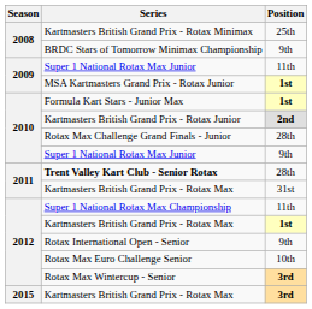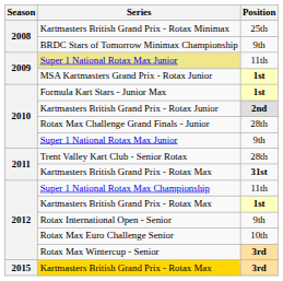 <table class="wikitable" style="font-size: 85%; text-align:center">
 <tr>
 <th>Season</th>
 <th>Series</th>
 <th>Position</th>
 </tr>
 <tr>
 <th rowspan=2>2008</th>
 <td align="left">Kartmasters British Grand Prix - Rotax Minimax</td>
 <td>25th</td>
 </tr>
 <tr>
 <td align="left">BRDC Stars of Tomorrow Minimax Championship</td>
 <td>9th</td>
 </tr>
 <tr>
 <th rowspan="2">2009</th>
-<td align="left"><a href='#'>Super 1 National Rotax Max Junior</a></td>
+<td align="left" style="background: khaki;"><a href='#'>Super 1 National Rotax Max Junior</a></td>
 <td>11th</td>
 </tr>
 <tr>
 <td align="left">MSA Kartmasters Grand Prix - Rotax Junior</td>
 <td style="background:#FFFFBF;"><strong>1st</strong></td>
 </tr>
 <tr>
 <th rowspan=4>2010</th>
 <td align="left">Formula Kart Stars - Junior Max</td>
 <td style="background:#FFFFBF;"><strong>1st</strong></td>
 </tr>
 <tr>
 <td align="left">Kartmasters British Grand Prix - Rotax Junior</td>
 <td style="background:#DFDFDF;"><strong>2nd</strong></td>
 </tr>
 <tr>
 <td align="left">Rotax Max Challenge Grand Finals - Junior</td>
 <td>28th</td>
 </tr>
 <tr>
 <td align="left"><a href='#'>Super 1 National Rotax Max Junior</a></td>
 <td>9th</td>
 </tr>
 <tr>
 <th rowspan=2>2011</th>
-<td align="left"><strong>Trent Valley Kart Club - Senior Rotax</strong></td>
+<td align="left">Trent Valley Kart Club - Senior Rotax</td>
 <td>28th</td>
 </tr>
 <tr>
 <td align="left">Kartmasters British Grand Prix - Rotax Max</td>
-<td>31st</td>
+<td><strong>31st</strong></td>
 </tr>
 <tr>
 <th rowspan=5>2012</th>
 <td align="left"><a href='#'>Super 1 National Rotax Max Championship</a></td>
 <td>11th</td>
 </tr>
 <tr>
 <td align="left">Kartmasters British Grand Prix - Rotax Max</td>
 <td style="background:#FFFFBF;"><strong>1st</strong></td>
 </tr>
 <tr>
 <td align="left">Rotax International Open - Senior</td>
 <td>9th</td>
 </tr>
 <tr>
 <td align="left">Rotax Max Euro Challenge Senior</td>
 <td>10th</td>
 </tr>
 <tr>
 <td align="left">Rotax Max Wintercup - Senior</td>
 <td style="background:#FFDF9F;"><strong>3rd</strong></td>
 </tr>
 <tr>
 <th>2015</th>
-<td align="left">Kartmasters British Grand Prix - Rotax Max</td>
+<td align="left" style="background: gold;">Kartmasters British Grand Prix - Rotax Max</td>
 <td style="background:#FFDF9F;"><strong>3rd</strong></td>
 </tr>
 </table>
